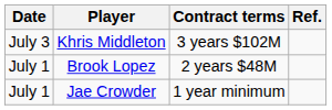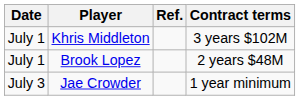 <table class="wikitable sortable sortable" style="text-align: center">
 <tr>
 <th>Date</th>
 <th>Player</th>
+<th>Ref.</th>
 <th>Contract terms</th>
-<th>Ref.</th>
 </tr>
 <tr>
-<td>July 3</td>
+<td>July 1</td>
 <td><a href='#'>Khris Middleton</a></td>
+<td></td>
 <td>3 years $102M</td>
-<td></td>
 </tr>
 <tr>
 <td>July 1</td>
 <td><a href='#'>Brook Lopez</a></td>
+<td></td>
 <td>2 years $48M</td>
-<td></td>
 </tr>
 <tr>
-<td>July 1</td>
+<td>July 3</td>
 <td><a href='#'>Jae Crowder</a></td>
+<td></td>
 <td>1 year minimum</td>
-<td></td>
 </tr>
 </table>
